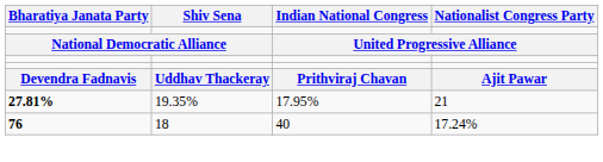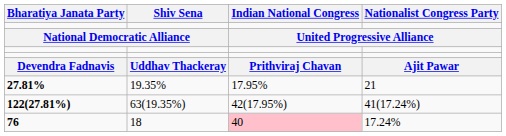 <table class="wikitable">
 <tr>
 <th><a href='#'>Bharatiya Janata Party</a></th>
 <th><a href='#'>Shiv Sena</a></th>
 <th><a href='#'>Indian National Congress</a></th>
 <th><a href='#'>Nationalist Congress Party</a></th>
 </tr>
 <tr>
 <td style="color:inherit;background-color:"></td>
 <td style="color:inherit;background-color: "></td>
 <td style="color:inherit;background-color: "></td>
 <td style="color:inherit;background-color: "></td>
 </tr>
 <tr>
 <th colspan="2"><a href='#'>National Democratic Alliance</a></th>
 <th colspan="2"><a href='#'>United Progressive Alliance</a></th>
 </tr>
 <tr>
 <td></td>
 <td></td>
 <td></td>
 <td></td>
 </tr>
 <tr>
 <td></td>
 <td></td>
 <td></td>
 <td></td>
 </tr>
 <tr>
 <th><a href='#'>Devendra Fadnavis</a></th>
 <th><a href='#'>Uddhav Thackeray</a></th>
 <th><a href='#'>Prithviraj Chavan</a></th>
 <th><a href='#'>Ajit Pawar</a></th>
 </tr>
 <tr>
 <td><strong>27.81%</strong></td>
 <td>19.35%</td>
 <td>17.95%</td>
 <td> 21</td>
 </tr>
 <tr>
+<td><strong>122(27.81%)</strong></td>
+<td>63(19.35%)</td>
+<td>42(17.95%)</td>
+<td>41(17.24%)</td>
+</tr>
+<tr>
 <td> <strong>76</strong></td>
 <td> 18</td>
-<td> 40</td>
+<td style="background: pink;"> 40</td>
 <td>17.24%</td>
 </tr>
 </table>
